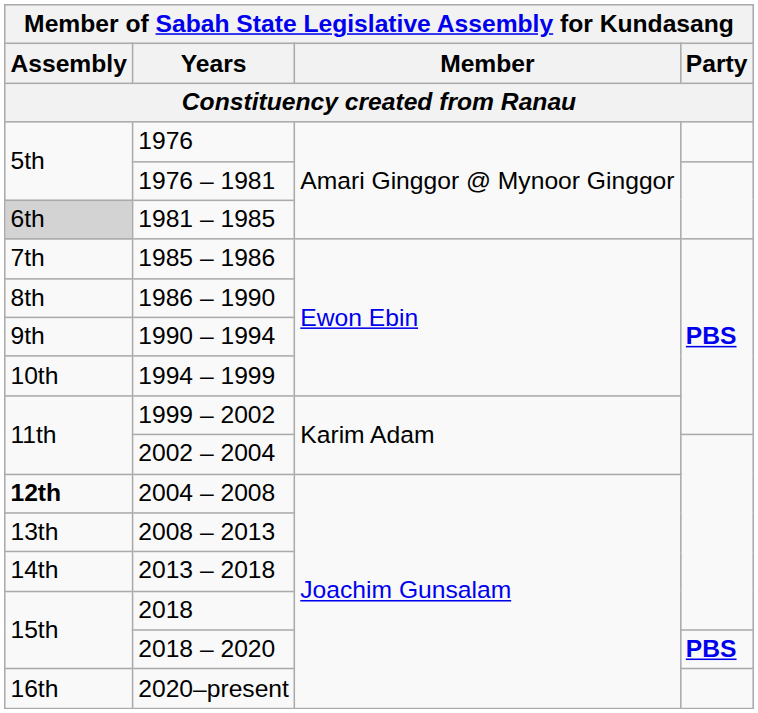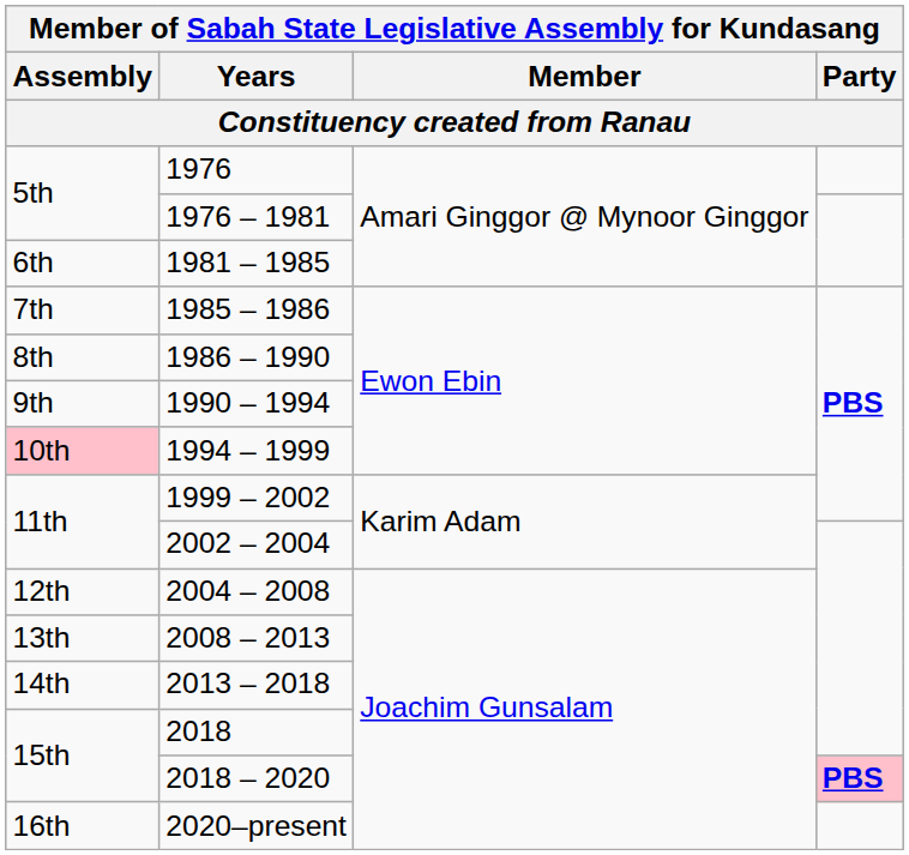 <table class="wikitable">
 <tr>
 <th colspan="4">Member of <a href='#'>Sabah State Legislative Assembly</a> for Kundasang</th>
 </tr>
 <tr>
 <th>Assembly</th>
 <th>Years</th>
 <th>Member</th>
 <th>Party</th>
 </tr>
 <tr>
 <th colspan="4" align="center"><em>Constituency created from Ranau</em></th>
 </tr>
 <tr>
 <td rowspan="2">5th</td>
 <td>1976</td>
 <td rowspan="3">Amari Ginggor @ Mynoor Ginggor</td>
 <td></td>
 </tr>
 <tr>
 <td>1976 – 1981</td>
 <td rowspan="2"></td>
 </tr>
 <tr>
-<td style="background: lightgrey;">6th</td>
+<td>6th</td>
 <td>1981 – 1985</td>
 </tr>
 <tr>
 <td>7th</td>
 <td>1985 – 1986</td>
 <td rowspan="4"><a href='#'>Ewon Ebin</a></td>
 <td rowspan="5"><strong><a href='#'>PBS</a></strong></td>
 </tr>
 <tr>
 <td>8th</td>
 <td>1986 – 1990</td>
 </tr>
 <tr>
 <td>9th</td>
 <td>1990 – 1994</td>
 </tr>
 <tr>
-<td>10th</td>
+<td style="background: pink;">10th</td>
 <td>1994 – 1999</td>
 </tr>
 <tr>
 <td rowspan="2">11th</td>
 <td>1999 – 2002</td>
 <td rowspan="2">Karim Adam</td>
 </tr>
 <tr>
 <td>2002 – 2004</td>
 <td rowspan="5"></td>
 </tr>
 <tr>
-<td><strong>12th</strong></td>
+<td>12th</td>
 <td>2004 – 2008</td>
 <td rowspan="6"><a href='#'>Joachim Gunsalam</a></td>
 </tr>
 <tr>
 <td>13th</td>
 <td>2008 – 2013</td>
 </tr>
 <tr>
 <td>14th</td>
 <td>2013 – 2018</td>
 </tr>
 <tr>
 <td rowspan="2">15th</td>
 <td>2018</td>
 </tr>
 <tr>
 <td>2018 – 2020</td>
-<td><strong><a href='#'>PBS</a></strong></td>
+<td style="background: pink;"><strong><a href='#'>PBS</a></strong></td>
 </tr>
 <tr>
 <td>16th</td>
 <td>2020–present</td>
 <td></td>
 </tr>
 </table>
